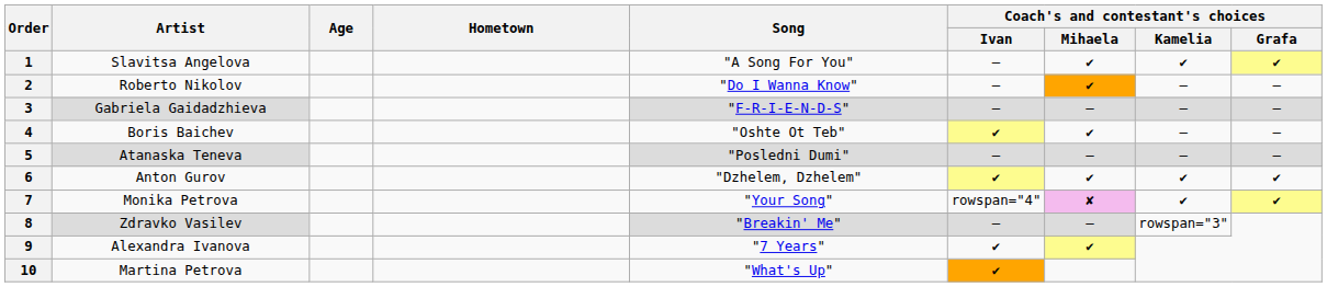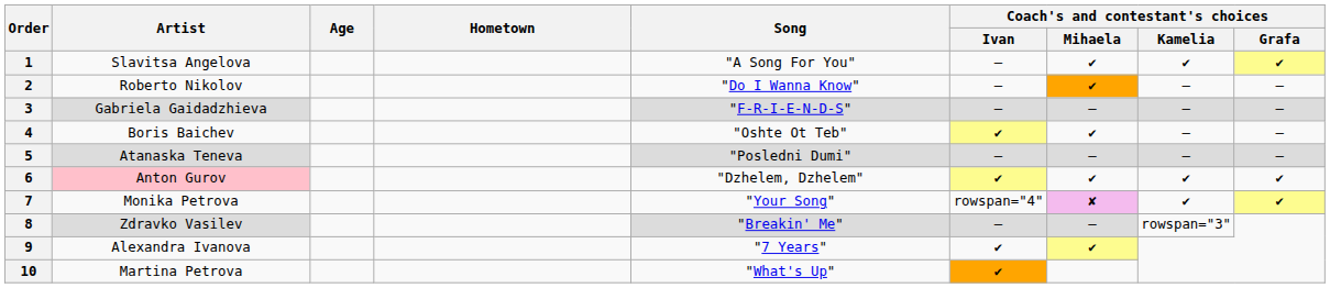 <table class="wikitable" style="text-align:center; line-height:16px; width:100%;">
 <tr>
 <th rowspan="2" scope="col" style="width:02%;">Order</th>
 <th rowspan="2" scope="col" style="width:20%;">Artist</th>
 <th rowspan="2" scope="col" style="width:05%;">Age</th>
 <th rowspan="2" scope="col" style="width:20%;">Hometown</th>
 <th rowspan="2" scope="col" style="width:25%;">Song</th>
 <th colspan="4" scope="col" style="width:28%;">Coach's and contestant's choices</th>
 </tr>
 <tr>
 <th style="width:07%;">Ivan</th>
 <th style="width:07%;">Mihaela</th>
 <th style="width:07%;">Kamelia</th>
 <th style="width:07%;">Grafa</th>
 </tr>
 <tr>
 <th>1</th>
 <td>Slavitsa Angelova</td>
 <td></td>
 <td></td>
 <td>"A Song For You"</td>
 <td>–</td>
 <td>✔</td>
 <td>✔</td>
 <td style="background:#fdfc8f;">✔</td>
 </tr>
 <tr>
 <th>2</th>
 <td>Roberto Nikolov</td>
 <td></td>
 <td></td>
 <td>"<a href='#'>Do I Wanna Know</a>"</td>
 <td>–</td>
 <td style="background:orange;">✔</td>
 <td>–</td>
 <td>–</td>
 </tr>
 <tr>
 <th>3</th>
 <td style="background:#dcdcdc;">Gabriela Gaidadzhieva</td>
 <td></td>
 <td></td>
 <td style="background:#dcdcdc;">"<a href='#'>F-R-I-E-N-D-S</a>"</td>
 <td style="background:#dcdcdc;">–</td>
 <td style="background:#dcdcdc;">–</td>
 <td style="background:#dcdcdc;">–</td>
 <td style="background:#dcdcdc;">–</td>
 </tr>
 <tr>
 <th>4</th>
 <td>Boris Baichev</td>
 <td></td>
 <td></td>
 <td>"Oshte Ot Teb"</td>
 <td style="background:#fdfc8f;">✔</td>
 <td>✔</td>
 <td>–</td>
 <td>–</td>
 </tr>
 <tr>
 <th>5</th>
 <td style="background:#dcdcdc;">Atanaska Teneva</td>
 <td></td>
 <td></td>
 <td style="background:#dcdcdc;">"Posledni Dumi"</td>
 <td style="background:#dcdcdc;">–</td>
 <td style="background:#dcdcdc;">–</td>
 <td style="background:#dcdcdc;">–</td>
 <td style="background:#dcdcdc;">–</td>
 </tr>
 <tr>
 <th>6</th>
-<td>Anton Gurov</td>
+<td style="background: pink;">Anton Gurov</td>
 <td></td>
 <td></td>
 <td>"Dzhelem, Dzhelem"</td>
 <td style="background:#fdfc8f;">✔</td>
 <td>✔</td>
 <td>✔</td>
 <td>✔</td>
 </tr>
 <tr>
 <th>7</th>
 <td>Monika Petrova</td>
 <td></td>
 <td></td>
 <td>"<a href='#'>Your Song</a>"</td>
 <td>rowspan="4" </td>
 <td style="background:#f4bbee"><strong>✘</strong></td>
 <td>✔</td>
 <td style="background:#fdfc8f;">✔</td>
 </tr>
 <tr>
 <th>8</th>
 <td style="background:#dcdcdc;">Zdravko Vasilev</td>
 <td></td>
 <td></td>
 <td style="background:#dcdcdc;">"<a href='#'>Breakin' Me</a>"</td>
 <td style="background:#dcdcdc;">–</td>
 <td style="background:#dcdcdc;">–</td>
 <td>rowspan="3" </td>
 </tr>
 <tr>
 <th>9</th>
 <td>Alexandra Ivanova</td>
 <td></td>
 <td></td>
 <td>"<a href='#'>7 Years</a>"</td>
 <td>✔</td>
 <td style="background:#fdfc8f;">✔</td>
 </tr>
 <tr>
 <th>10</th>
 <td>Martina Petrova</td>
 <td></td>
 <td></td>
 <td>"<a href='#'>What's Up</a>"</td>
 <td style="background:orange;">✔</td>
 <td></td>
 </tr>
 </table>
